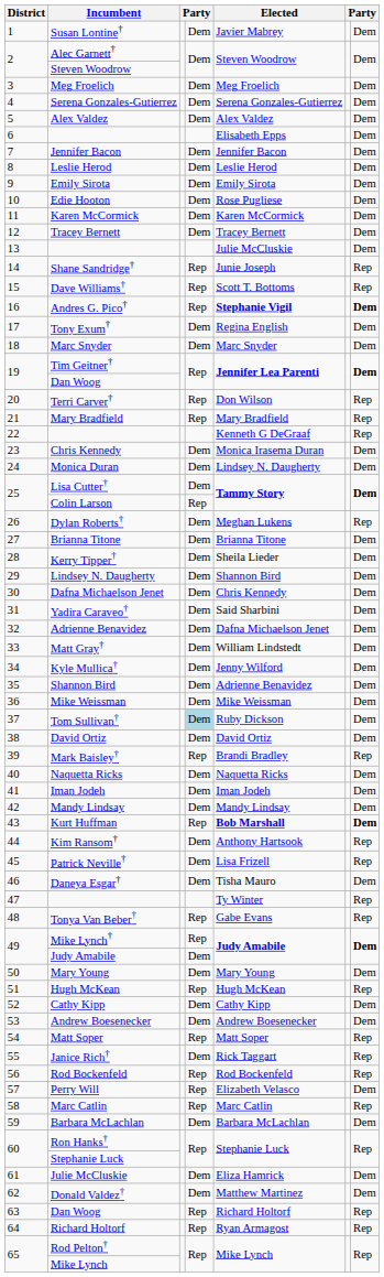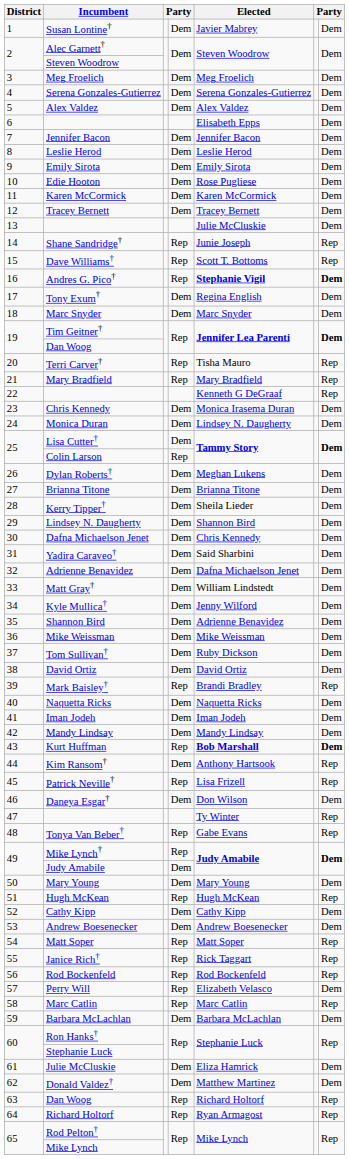 <table class="sortable wikitable" style="font-size:95%;line-height:14px;">
 <tr>
 <th class="unsortable">District</th>
 <th class="unsortable"><a href='#'>Incumbent</a></th>
 <th colspan="2">Party</th>
 <th class="unsortable">Elected</th>
 <th colspan="2">Party</th>
 </tr>
 <tr>
 <td>1</td>
 <td><a href='#'>Susan Lontine</a><sup>†</sup></td>
 <td style="background:"></td>
 <td>Dem</td>
 <td><a href='#'>Javier Mabrey</a></td>
 <td style="background:"></td>
 <td>Dem</td>
 </tr>
 <tr>
 <td rowspan="2">2</td>
 <td><a href='#'>Alec Garnett</a><sup>†</sup></td>
 <td rowspan="2" style="background:"></td>
 <td rowspan="2">Dem</td>
 <td rowspan="2"><a href='#'>Steven Woodrow</a></td>
 <td rowspan="2" style="background:"></td>
 <td rowspan="2">Dem</td>
 </tr>
 <tr>
 <td><a href='#'>Steven Woodrow</a></td>
 </tr>
 <tr>
 <td>3</td>
 <td><a href='#'>Meg Froelich</a></td>
 <td style="background:"></td>
 <td>Dem</td>
 <td><a href='#'>Meg Froelich</a></td>
 <td style="background:"></td>
 <td>Dem</td>
 </tr>
 <tr>
 <td>4</td>
 <td><a href='#'>Serena Gonzales-Gutierrez</a></td>
 <td style="background:"></td>
 <td>Dem</td>
 <td><a href='#'>Serena Gonzales-Gutierrez</a></td>
 <td style="background:"></td>
 <td>Dem</td>
 </tr>
 <tr>
 <td>5</td>
 <td><a href='#'>Alex Valdez</a></td>
 <td style="background:"></td>
 <td>Dem</td>
 <td><a href='#'>Alex Valdez</a></td>
 <td style="background:"></td>
 <td>Dem</td>
 </tr>
 <tr>
 <td>6</td>
 <td></td>
 <td></td>
 <td></td>
 <td><a href='#'>Elisabeth Epps</a></td>
 <td style="background:"></td>
 <td>Dem</td>
 </tr>
 <tr>
 <td>7</td>
 <td><a href='#'>Jennifer Bacon</a></td>
 <td style="background:"></td>
 <td>Dem</td>
 <td><a href='#'>Jennifer Bacon</a></td>
 <td style="background:"></td>
 <td>Dem</td>
 </tr>
 <tr>
 <td>8</td>
 <td><a href='#'>Leslie Herod</a></td>
 <td style="background:"></td>
 <td>Dem</td>
 <td><a href='#'>Leslie Herod</a></td>
 <td style="background:"></td>
 <td>Dem</td>
 </tr>
 <tr>
 <td>9</td>
 <td><a href='#'>Emily Sirota</a></td>
 <td style="background:"></td>
 <td>Dem</td>
 <td><a href='#'>Emily Sirota</a></td>
 <td style="background:"></td>
 <td>Dem</td>
 </tr>
 <tr>
 <td>10</td>
 <td><a href='#'>Edie Hooton</a></td>
 <td style="background:"></td>
 <td>Dem</td>
 <td><a href='#'>Rose Pugliese</a></td>
 <td style="background:"></td>
 <td>Dem</td>
 </tr>
 <tr>
 <td>11</td>
 <td><a href='#'>Karen McCormick</a></td>
 <td style="background:"></td>
 <td>Dem</td>
 <td><a href='#'>Karen McCormick</a></td>
 <td style="background:"></td>
 <td>Dem</td>
 </tr>
 <tr>
 <td>12</td>
 <td><a href='#'>Tracey Bernett</a></td>
 <td style="background:"></td>
 <td>Dem</td>
 <td><a href='#'>Tracey Bernett</a></td>
 <td style="background:"></td>
 <td>Dem</td>
 </tr>
 <tr>
 <td>13</td>
 <td></td>
 <td></td>
 <td></td>
 <td><a href='#'>Julie McCluskie</a></td>
 <td style="background:"></td>
 <td>Dem</td>
 </tr>
 <tr>
 <td>14</td>
 <td><a href='#'>Shane Sandridge</a><sup>†</sup></td>
 <td style="background:"></td>
 <td>Rep</td>
 <td><a href='#'>Junie Joseph</a></td>
 <td style="background:"></td>
 <td>Rep</td>
 </tr>
 <tr>
 <td>15</td>
 <td><a href='#'>Dave Williams<sup>†</sup></a></td>
 <td style="background:"></td>
 <td>Rep</td>
 <td><a href='#'>Scott T. Bottoms</a></td>
 <td style="background:"></td>
 <td>Rep</td>
 </tr>
 <tr>
 <td>16</td>
 <td><a href='#'>Andres G. Pico</a><sup>†</sup></td>
 <td style="background:"></td>
 <td>Rep</td>
 <td><strong><a href='#'>Stephanie Vigil</a></strong></td>
 <td style="background:"></td>
 <td><strong>Dem</strong></td>
 </tr>
 <tr>
 <td>17</td>
 <td><a href='#'>Tony Exum</a><sup>†</sup></td>
 <td style="background:"></td>
 <td>Dem</td>
 <td><a href='#'>Regina English</a></td>
 <td style="background:"></td>
 <td>Dem</td>
 </tr>
 <tr>
 <td>18</td>
 <td><a href='#'>Marc Snyder</a></td>
 <td style="background:"></td>
 <td>Dem</td>
 <td><a href='#'>Marc Snyder</a></td>
 <td style="background:"></td>
 <td>Dem</td>
 </tr>
 <tr>
 <td rowspan="2">19</td>
 <td><a href='#'>Tim Geitner</a><sup>†</sup></td>
 <td rowspan="2" style="background:"></td>
 <td rowspan="2">Rep</td>
 <td rowspan="2"><a href='#'><strong>Jennifer Lea Parenti</strong></a></td>
 <td rowspan="2" style="background:"></td>
 <td rowspan="2"><strong>Dem</strong></td>
 </tr>
 <tr>
 <td><a href='#'>Dan Woog</a></td>
 </tr>
 <tr>
 <td>20</td>
 <td><a href='#'>Terri Carver</a><sup>†</sup></td>
 <td style="background:"></td>
 <td>Rep</td>
-<td><a href='#'>Don Wilson</a></td>
+<td>Tisha Mauro</td>
 <td style="background:"></td>
 <td>Rep</td>
 </tr>
 <tr>
 <td>21</td>
 <td><a href='#'>Mary Bradfield</a></td>
 <td style="background:"></td>
 <td>Rep</td>
 <td><a href='#'>Mary Bradfield</a></td>
 <td style="background:"></td>
 <td>Rep</td>
 </tr>
 <tr>
 <td>22</td>
 <td></td>
 <td></td>
 <td></td>
 <td><a href='#'>Kenneth G DeGraaf</a></td>
 <td style="background:"></td>
 <td>Rep</td>
 </tr>
 <tr>
 <td>23</td>
 <td><a href='#'>Chris Kennedy</a></td>
 <td style="background:"></td>
 <td>Dem</td>
 <td><a href='#'>Monica Irasema Duran</a></td>
 <td style="background:"></td>
 <td>Dem</td>
 </tr>
 <tr>
 <td>24</td>
 <td><a href='#'>Monica Duran</a></td>
 <td style="background:"></td>
 <td>Dem</td>
 <td><a href='#'>Lindsey N. Daugherty</a></td>
 <td style="background:"></td>
 <td>Dem</td>
 </tr>
 <tr>
 <td rowspan="2">25</td>
 <td><a href='#'>Lisa Cutter<sup>†</sup></a></td>
 <td style="background:"></td>
 <td>Dem</td>
 <td rowspan="2"><strong><a href='#'>Tammy Story</a></strong></td>
 <td rowspan="2" style="background:"></td>
 <td rowspan="2"><strong>Dem</strong></td>
 </tr>
 <tr>
 <td><a href='#'>Colin Larson</a></td>
 <td style="background:"></td>
 <td>Rep</td>
 </tr>
 <tr>
 <td>26</td>
 <td><a href='#'>Dylan Roberts<sup>†</sup></a></td>
 <td style="background:"></td>
 <td>Dem</td>
 <td><a href='#'>Meghan Lukens</a></td>
 <td style="background:"></td>
-<td>Rep</td>
+<td>Dem</td>
 </tr>
 <tr>
 <td>27</td>
 <td><a href='#'>Brianna Titone</a></td>
 <td style="background:"></td>
 <td>Dem</td>
 <td><a href='#'>Brianna Titone</a></td>
 <td style="background:"></td>
 <td>Dem</td>
 </tr>
 <tr>
 <td>28</td>
 <td><a href='#'>Kerry Tipper<sup>†</sup></a></td>
 <td style="background:"></td>
 <td>Dem</td>
 <td>Sheila Lieder</td>
 <td style="background:"></td>
 <td>Dem</td>
 </tr>
 <tr>
 <td>29</td>
 <td><a href='#'>Lindsey N. Daugherty</a></td>
 <td style="background:"></td>
 <td>Dem</td>
 <td><a href='#'>Shannon Bird</a></td>
 <td style="background:"></td>
 <td>Dem</td>
 </tr>
 <tr>
 <td>30</td>
 <td><a href='#'>Dafna Michaelson Jenet</a></td>
 <td style="background:"></td>
 <td>Dem</td>
 <td><a href='#'>Chris Kennedy</a></td>
 <td style="background:"></td>
 <td>Dem</td>
 </tr>
 <tr>
 <td>31</td>
 <td><a href='#'>Yadira Caraveo<sup>†</sup></a></td>
 <td style="background:"></td>
 <td>Dem</td>
 <td>Said Sharbini</td>
 <td style="background:"></td>
 <td>Dem</td>
 </tr>
 <tr>
 <td>32</td>
 <td><a href='#'>Adrienne Benavidez</a></td>
 <td style="background:"></td>
 <td>Dem</td>
 <td><a href='#'>Dafna Michaelson Jenet</a></td>
 <td style="background:"></td>
 <td>Dem</td>
 </tr>
 <tr>
 <td>33</td>
 <td><a href='#'>Matt Gray</a><sup>†</sup></td>
 <td style="background:"></td>
 <td>Dem</td>
 <td>William Lindstedt</td>
 <td style="background:"></td>
 <td>Dem</td>
 </tr>
 <tr>
 <td>34</td>
 <td><a href='#'>Kyle Mullica<sup>†</sup></a></td>
 <td style="background:"></td>
 <td>Dem</td>
 <td><a href='#'>Jenny Wilford</a></td>
 <td style="background:"></td>
 <td>Dem</td>
 </tr>
 <tr>
 <td>35</td>
 <td><a href='#'>Shannon Bird</a></td>
 <td style="background:"></td>
 <td>Dem</td>
 <td><a href='#'>Adrienne Benavidez</a></td>
 <td style="background:"></td>
 <td>Dem</td>
 </tr>
 <tr>
 <td>36</td>
 <td><a href='#'>Mike Weissman</a></td>
 <td style="background:"></td>
 <td>Dem</td>
 <td><a href='#'>Mike Weissman</a></td>
 <td style="background:"></td>
 <td>Dem</td>
 </tr>
 <tr>
 <td>37</td>
 <td><a href='#'>Tom Sullivan<sup>†</sup></a></td>
 <td style="background:"></td>
-<td style="background: lightblue;">Dem</td>
+<td>Dem</td>
 <td><a href='#'>Ruby Dickson</a></td>
 <td style="background:"></td>
 <td>Dem</td>
 </tr>
 <tr>
 <td>38</td>
 <td><a href='#'>David Ortiz</a></td>
 <td style="background:"></td>
 <td>Dem</td>
 <td><a href='#'>David Ortiz</a></td>
 <td style="background:"></td>
 <td>Dem</td>
 </tr>
 <tr>
 <td>39</td>
 <td><a href='#'>Mark Baisley<sup>†</sup></a></td>
 <td style="background:"></td>
 <td>Rep</td>
 <td><a href='#'>Brandi Bradley</a></td>
 <td style="background:"></td>
 <td>Rep</td>
 </tr>
 <tr>
 <td>40</td>
 <td><a href='#'>Naquetta Ricks</a></td>
 <td style="background:"></td>
 <td>Dem</td>
 <td><a href='#'>Naquetta Ricks</a></td>
 <td style="background:"></td>
 <td>Dem</td>
 </tr>
 <tr>
 <td>41</td>
 <td><a href='#'>Iman Jodeh</a></td>
 <td style="background:"></td>
 <td>Dem</td>
 <td><a href='#'>Iman Jodeh</a></td>
 <td style="background:"></td>
 <td>Dem</td>
 </tr>
 <tr>
 <td>42</td>
 <td><a href='#'>Mandy Lindsay</a></td>
 <td style="background:"></td>
 <td>Dem</td>
 <td><a href='#'>Mandy Lindsay</a></td>
 <td style="background:"></td>
 <td>Dem</td>
 </tr>
 <tr>
 <td>43</td>
 <td><a href='#'>Kurt Huffman</a></td>
 <td style="background:"></td>
 <td>Rep</td>
 <td><a href='#'><strong>Bob Marshall</strong></a></td>
 <td style="background:"></td>
 <td><strong>Dem</strong></td>
 </tr>
 <tr>
 <td>44</td>
 <td><a href='#'>Kim Ransom</a><sup>†</sup></td>
 <td style="background:"></td>
 <td>Dem</td>
 <td><a href='#'>Anthony Hartsook</a></td>
 <td style="background:"></td>
 <td>Rep</td>
 </tr>
 <tr>
 <td>45</td>
 <td><a href='#'>Patrick Neville</a><sup>†</sup></td>
 <td style="background:"></td>
-<td>Dem</td>
+<td>Rep</td>
 <td><a href='#'>Lisa Frizell</a></td>
 <td style="background:"></td>
 <td>Rep</td>
 </tr>
 <tr>
 <td>46</td>
 <td><a href='#'>Daneya Esgar</a><sup>†</sup></td>
 <td style="background:"></td>
 <td>Dem</td>
-<td>Tisha Mauro</td>
+<td><a href='#'>Don Wilson</a></td>
 <td style="background:"></td>
 <td>Dem</td>
 </tr>
 <tr>
 <td>47</td>
 <td></td>
 <td></td>
 <td></td>
 <td><a href='#'>Ty Winter</a></td>
 <td style="background:"></td>
 <td>Rep</td>
 </tr>
 <tr>
 <td>48</td>
 <td><a href='#'>Tonya Van Beber<sup>†</sup></a></td>
 <td style="background:"></td>
 <td>Rep</td>
 <td><a href='#'>Gabe Evans</a></td>
 <td style="background:"></td>
 <td>Rep</td>
 </tr>
 <tr>
 <td rowspan="2">49</td>
 <td><a href='#'>Mike Lynch</a><sup>†</sup></td>
 <td style="background:"></td>
 <td>Rep</td>
 <td rowspan="2"><strong><a href='#'>Judy Amabile</a></strong></td>
 <td rowspan="2" style="background:"></td>
 <td rowspan="2"><strong>Dem</strong></td>
 </tr>
 <tr>
 <td><a href='#'>Judy Amabile</a></td>
 <td style="background:"></td>
 <td>Dem</td>
 </tr>
 <tr>
 <td>50</td>
 <td><a href='#'>Mary Young</a></td>
 <td style="background:"></td>
 <td>Dem</td>
 <td><a href='#'>Mary Young</a></td>
 <td style="background:"></td>
 <td>Dem</td>
 </tr>
 <tr>
 <td>51</td>
 <td><a href='#'>Hugh McKean</a></td>
 <td style="background:"></td>
 <td>Rep</td>
 <td><a href='#'>Hugh McKean</a></td>
 <td style="background:"></td>
 <td>Rep</td>
 </tr>
 <tr>
 <td>52</td>
 <td><a href='#'>Cathy Kipp</a></td>
 <td style="background:"></td>
 <td>Dem</td>
 <td><a href='#'>Cathy Kipp</a></td>
 <td style="background:"></td>
 <td>Dem</td>
 </tr>
 <tr>
 <td>53</td>
 <td><a href='#'>Andrew Boesenecker</a></td>
 <td style="background:"></td>
 <td>Dem</td>
 <td><a href='#'>Andrew Boesenecker</a></td>
 <td style="background:"></td>
 <td>Dem</td>
 </tr>
 <tr>
 <td>54</td>
 <td><a href='#'>Matt Soper</a></td>
 <td style="background:"></td>
 <td>Rep</td>
 <td><a href='#'>Matt Soper</a></td>
 <td style="background:"></td>
 <td>Rep</td>
 </tr>
 <tr>
 <td>55</td>
 <td><a href='#'>Janice Rich<sup>†</sup></a></td>
 <td style="background:"></td>
-<td>Dem</td>
+<td>Rep</td>
 <td><a href='#'>Rick Taggart</a></td>
 <td style="background:"></td>
 <td>Rep</td>
 </tr>
 <tr>
 <td>56</td>
 <td><a href='#'>Rod Bockenfeld</a></td>
 <td style="background:"></td>
 <td>Rep</td>
 <td><a href='#'>Rod Bockenfeld</a></td>
 <td style="background:"></td>
 <td>Rep</td>
 </tr>
 <tr>
 <td>57</td>
 <td><a href='#'>Perry Will</a></td>
 <td style="background:"></td>
 <td>Rep</td>
 <td><a href='#'>Elizabeth Velasco</a></td>
 <td style="background:"></td>
 <td>Dem</td>
 </tr>
 <tr>
 <td>58</td>
 <td><a href='#'>Marc Catlin</a></td>
 <td style="background:"></td>
 <td>Rep</td>
 <td><a href='#'>Marc Catlin</a></td>
 <td style="background:"></td>
 <td>Rep</td>
 </tr>
 <tr>
 <td>59</td>
 <td><a href='#'>Barbara McLachlan</a></td>
 <td style="background:"></td>
 <td>Dem</td>
 <td><a href='#'>Barbara McLachlan</a></td>
 <td style="background:"></td>
 <td>Dem</td>
 </tr>
 <tr>
 <td rowspan="2">60</td>
 <td><a href='#'>Ron Hanks<sup>†</sup></a></td>
 <td rowspan="2" style="background:"></td>
 <td rowspan="2">Rep</td>
 <td rowspan="2"><a href='#'>Stephanie Luck</a></td>
 <td rowspan="2" style="background:"></td>
 <td rowspan="2">Rep</td>
 </tr>
 <tr>
 <td><a href='#'>Stephanie Luck</a></td>
 </tr>
 <tr>
 <td>61</td>
 <td><a href='#'>Julie McCluskie</a></td>
 <td style="background:"></td>
 <td>Dem</td>
 <td><a href='#'>Eliza Hamrick</a></td>
 <td style="background:"></td>
 <td>Dem</td>
 </tr>
 <tr>
 <td>62</td>
 <td><a href='#'>Donald Valdez<sup>†</sup></a></td>
 <td style="background:"></td>
 <td>Dem</td>
 <td><a href='#'>Matthew Martinez</a></td>
 <td style="background:"></td>
 <td>Dem</td>
 </tr>
 <tr>
 <td>63</td>
 <td><a href='#'>Dan Woog</a></td>
 <td style="background:"></td>
 <td>Rep</td>
 <td><a href='#'>Richard Holtorf</a></td>
 <td style="background:"></td>
 <td>Rep</td>
 </tr>
 <tr>
 <td>64</td>
 <td><a href='#'>Richard Holtorf</a></td>
 <td style="background:"></td>
 <td>Rep</td>
 <td><a href='#'>Ryan Armagost</a></td>
 <td style="background:"></td>
 <td>Rep</td>
 </tr>
 <tr>
 <td rowspan="2">65</td>
 <td><a href='#'>Rod Pelton<sup>†</sup></a></td>
 <td rowspan="2" style="background:"></td>
 <td rowspan="2">Rep</td>
 <td rowspan="2"><a href='#'>Mike Lynch</a></td>
 <td rowspan="2" style="background:"></td>
 <td rowspan="2">Rep</td>
 </tr>
 <tr>
 <td><a href='#'>Mike Lynch</a></td>
 </tr>
 </table>
